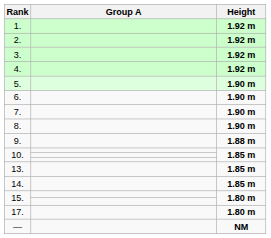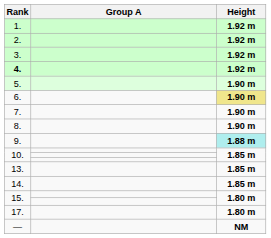 <table class="wikitable" style="border-collapse: collapse; font-size: 90%;">
 <tr>
 <th>Rank</th>
 <th style="width: 20em">Group A</th>
 <th style="width: 5em">Height</th>
 </tr>
 <tr style="background:#ccffcc;">
 <td align="center">1.</td>
 <td></td>
 <td align="center"><strong>1.92 m</strong></td>
 </tr>
 <tr style="background:#ccffcc;">
 <td align="center">2.</td>
 <td></td>
 <td align="center"><strong>1.92 m</strong></td>
 </tr>
 <tr style="background:#ccffcc;">
 <td align="center">3.</td>
 <td></td>
 <td align="center"><strong>1.92 m</strong></td>
 </tr>
 <tr style="background:#ccffcc;">
-<td align="center">4.</td>
+<td align="center"><strong>4.</strong></td>
 <td></td>
 <td align="center"><strong>1.92 m</strong></td>
 </tr>
 <tr style="background:#ddffdd;">
 <td align="center">5.</td>
 <td></td>
 <td align="center"><strong>1.90 m</strong></td>
 </tr>
 <tr>
 <td align="center">6.</td>
 <td></td>
-<td align="center"><strong>1.90 m</strong></td>
+<td align="center" style="background: khaki;"><strong>1.90 m</strong></td>
 </tr>
 <tr>
 <td align="center">7.</td>
 <td></td>
 <td align="center"><strong>1.90 m</strong></td>
 </tr>
 <tr>
 <td align="center">8.</td>
 <td></td>
 <td align="center"><strong>1.90 m</strong></td>
 </tr>
 <tr>
 <td align="center">9.</td>
 <td></td>
-<td align="center"><strong>1.88 m</strong></td>
+<td align="center" style="background: paleturquoise;"><strong>1.88 m</strong></td>
 </tr>
 <tr>
 <td rowspan=3 align="center">10.</td>
 <td></td>
 <td rowspan=3 align="center"><strong>1.85 m</strong></td>
 </tr>
 <tr>
 <td></td>
 </tr>
 <tr>
 <td></td>
 </tr>
 <tr>
 <td align="center">13.</td>
 <td></td>
 <td align="center"><strong>1.85 m</strong></td>
 </tr>
 <tr>
 <td align="center">14.</td>
 <td></td>
 <td align="center"><strong>1.85 m</strong></td>
 </tr>
 <tr>
 <td rowspan=2 align="center">15.</td>
 <td></td>
 <td rowspan=2 align="center"><strong>1.80 m</strong></td>
 </tr>
 <tr>
 <td></td>
 </tr>
 <tr>
 <td align="center">17.</td>
 <td></td>
 <td align="center"><strong>1.80 m</strong></td>
 </tr>
 <tr>
 <td align="center">—</td>
 <td></td>
 <td align="center"><strong>NM</strong></td>
 </tr>
 </table>
